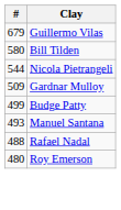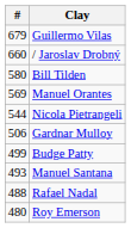 <table class=wikitable style="display:inline-table;">
 <tr>
 <th>#</th>
 <th>Clay</th>
 </tr>
 <tr>
 <td>679</td>
 <td> <a href='#'>Guillermo Vilas</a></td>
 </tr>
 <tr>
+<td>660</td>
+<td>/ <a href='#'>Jaroslav Drobný</a></td>
+</tr>
+<tr>
 <td>580</td>
 <td> <a href='#'>Bill Tilden</a></td>
+</tr>
+<tr>
+<td>569</td>
+<td> <a href='#'>Manuel Orantes</a></td>
 </tr>
 <tr>
 <td>544</td>
 <td> <a href='#'>Nicola Pietrangeli</a></td>
 </tr>
 <tr>
-<td>509</td>
+<td>506</td>
 <td> <a href='#'>Gardnar Mulloy</a></td>
 </tr>
 <tr>
 <td>499</td>
 <td> <a href='#'>Budge Patty</a></td>
 </tr>
 <tr>
 <td>493</td>
 <td> <a href='#'>Manuel Santana</a></td>
 </tr>
 <tr>
 <td>488</td>
 <td> <a href='#'>Rafael Nadal</a></td>
 </tr>
 <tr>
 <td>480</td>
 <td> <a href='#'>Roy Emerson</a></td>
 </tr>
 </table>
